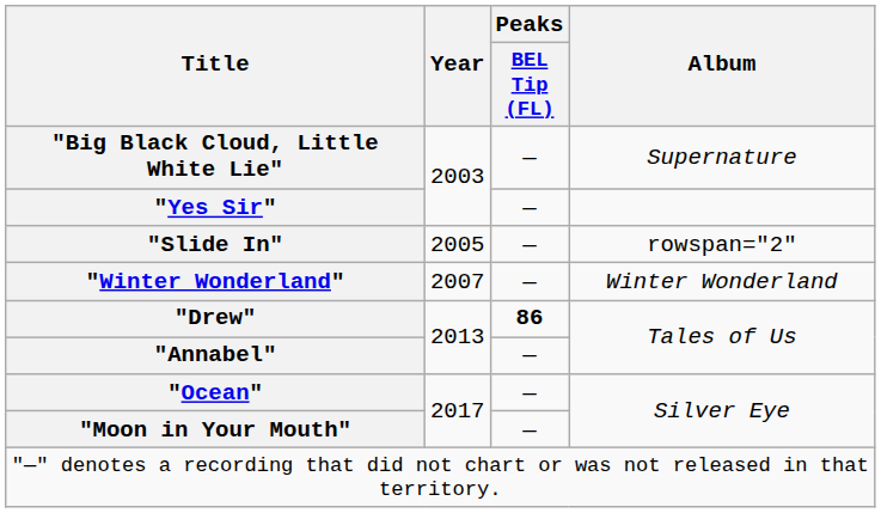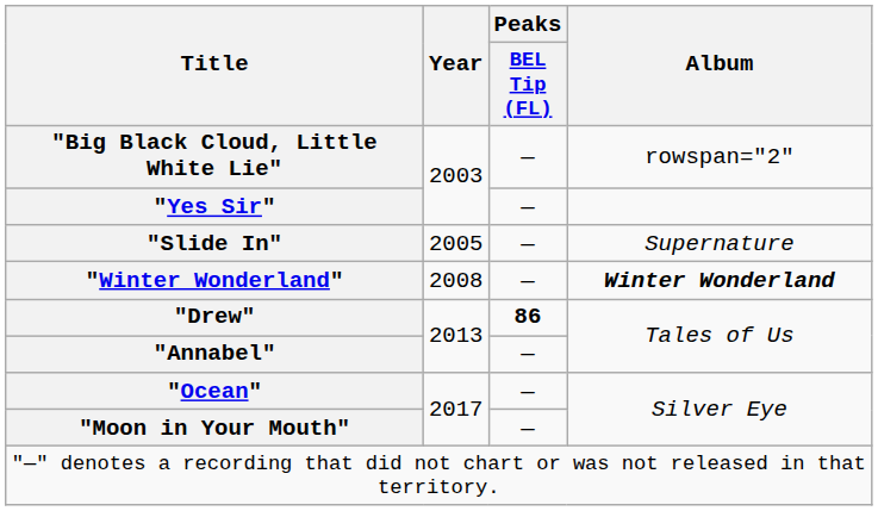 <table class="wikitable plainrowheaders" style="text-align:center;">
 <tr>
 <th scope="col" rowspan="2" style="width:18em;">Title</th>
 <th scope="col" rowspan="2" style="width:1em;">Year</th>
 <th scope="col">Peaks</th>
 <th scope="col" rowspan="2" style="width:13em;">Album</th>
 </tr>
 <tr>
 <th scope="col" style="width:2.5em;font-size:90%;"><a href='#'>BEL<br>Tip<br>(FL)</a><br></th>
 </tr>
 <tr>
 <th scope="row">"Big Black Cloud, Little White Lie"</th>
 <td rowspan="2">2003</td>
 <td>—</td>
-<td><em>Supernature</em></td>
+<td>rowspan="2" </td>
 </tr>
 <tr>
 <th scope="row">"<a href='#'>Yes Sir</a>"</th>
 <td>—</td>
 </tr>
 <tr>
 <th scope="row">"Slide In"</th>
 <td>2005</td>
 <td>—</td>
-<td>rowspan="2" </td>
+<td><em>Supernature</em></td>
 </tr>
 <tr>
 <th scope="row">"<a href='#'>Winter Wonderland</a>"</th>
-<td>2007</td>
+<td>2008</td>
 <td>—</td>
-<td><em>Winter Wonderland</em></td>
+<td><strong><em>Winter Wonderland</em></strong></td>
 </tr>
 <tr>
 <th scope="row">"Drew"</th>
 <td rowspan="2">2013</td>
 <td><strong>86</strong></td>
 <td rowspan="2"><em>Tales of Us</em></td>
 </tr>
 <tr>
 <th scope="row">"Annabel"</th>
 <td>—</td>
 </tr>
 <tr>
 <th scope="row">"<a href='#'>Ocean</a>"</th>
 <td rowspan="2">2017</td>
 <td>—</td>
 <td rowspan="2"><em>Silver Eye</em></td>
 </tr>
 <tr>
 <th scope="row">"Moon in Your Mouth"</th>
 <td>—</td>
 </tr>
 <tr>
 <td colspan="4" style="font-size:90%">"—" denotes a recording that did not chart or was not released in that territory.</td>
 </tr>
 </table>
